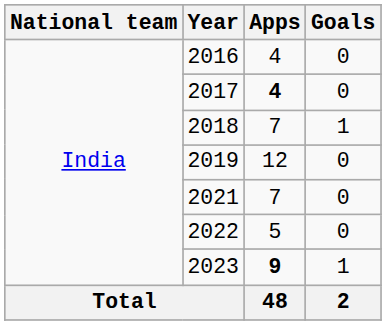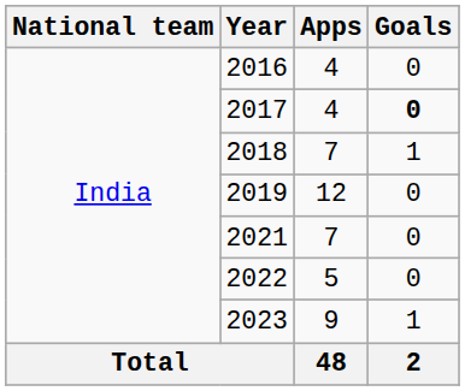 <table class="wikitable" style="text-align: center;">
 <tr>
 <th>National team</th>
 <th>Year</th>
 <th>Apps</th>
 <th>Goals</th>
 </tr>
 <tr>
 <td rowspan="7"><a href='#'>India</a></td>
 <td>2016</td>
 <td>4</td>
 <td>0</td>
 </tr>
 <tr>
 <td>2017</td>
-<td><strong>4</strong></td>
-<td>0</td>
+<td>4</td>
+<td><strong>0</strong></td>
 </tr>
 <tr>
 <td>2018</td>
 <td>7</td>
 <td>1</td>
 </tr>
 <tr>
 <td>2019</td>
 <td>12</td>
 <td>0</td>
 </tr>
 <tr>
 <td>2021</td>
 <td>7</td>
 <td>0</td>
 </tr>
 <tr>
 <td>2022</td>
 <td>5</td>
 <td>0</td>
 </tr>
 <tr>
 <td>2023</td>
-<td><strong>9</strong></td>
+<td>9</td>
 <td>1</td>
 </tr>
 <tr>
 <th colspan="2">Total</th>
 <th>48</th>
 <th>2</th>
 </tr>
 </table>
